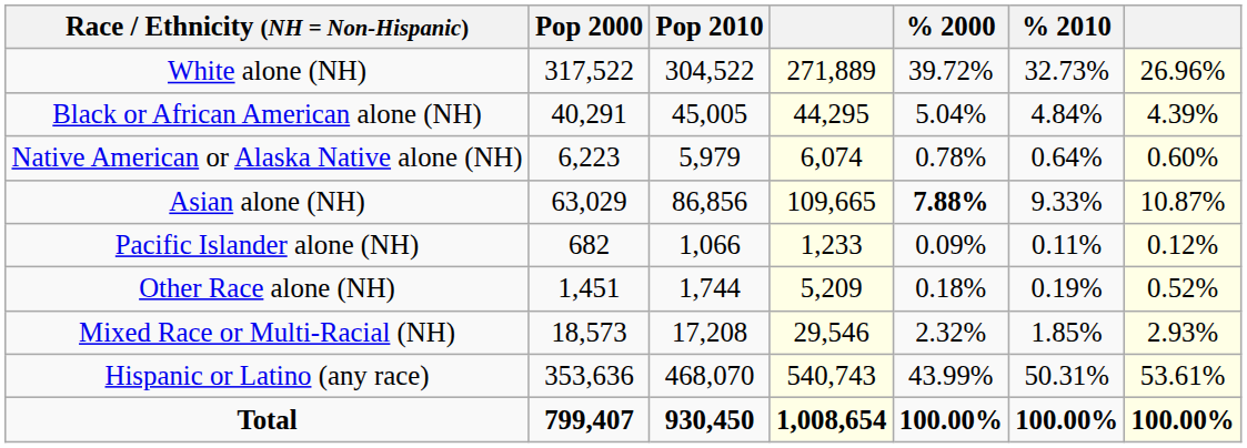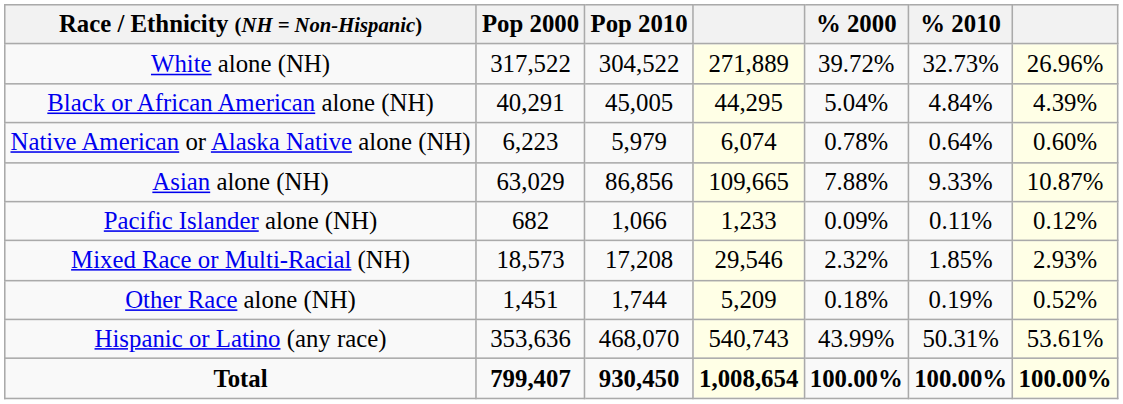 <table class="wikitable" style="text-align:center;">
 <tr>
 <th>Race / Ethnicity <small>(<em>NH = Non-Hispanic</em>)</small></th>
 <th>Pop 2000</th>
 <th>Pop 2010</th>
 <th></th>
 <th>% 2000</th>
 <th>% 2010</th>
 <th></th>
 </tr>
 <tr>
 <td><a href='#'>White</a> alone (NH)</td>
 <td>317,522</td>
 <td>304,522</td>
 <td style='background: #ffffe6;'>271,889</td>
 <td>39.72%</td>
 <td>32.73%</td>
 <td style='background: #ffffe6;'>26.96%</td>
 </tr>
 <tr>
 <td><a href='#'>Black or African American</a> alone (NH)</td>
 <td>40,291</td>
 <td>45,005</td>
 <td style='background: #ffffe6;'>44,295</td>
 <td>5.04%</td>
 <td>4.84%</td>
 <td style='background: #ffffe6;'>4.39%</td>
 </tr>
 <tr>
 <td><a href='#'>Native American</a> or <a href='#'>Alaska Native</a> alone (NH)</td>
 <td>6,223</td>
 <td>5,979</td>
 <td style='background: #ffffe6;'>6,074</td>
 <td>0.78%</td>
 <td>0.64%</td>
 <td style='background: #ffffe6;'>0.60%</td>
 </tr>
 <tr>
 <td><a href='#'>Asian</a> alone (NH)</td>
 <td>63,029</td>
 <td>86,856</td>
 <td style='background: #ffffe6;'>109,665</td>
-<td><strong>7.88%</strong></td>
+<td>7.88%</td>
 <td>9.33%</td>
 <td style='background: #ffffe6;'>10.87%</td>
 </tr>
 <tr>
 <td><a href='#'>Pacific Islander</a> alone (NH)</td>
 <td>682</td>
 <td>1,066</td>
 <td style='background: #ffffe6;'>1,233</td>
 <td>0.09%</td>
 <td>0.11%</td>
 <td style='background: #ffffe6;'>0.12%</td>
 </tr>
 <tr>
+<td><a href='#'>Mixed Race or Multi-Racial</a> (NH)</td>
+<td>18,573</td>
+<td>17,208</td>
+<td style='background: #ffffe6;'>29,546</td>
+<td>2.32%</td>
+<td>1.85%</td>
+<td style='background: #ffffe6;'>2.93%</td>
+</tr>
+<tr>
 <td><a href='#'>Other Race</a> alone (NH)</td>
 <td>1,451</td>
 <td>1,744</td>
 <td style='background: #ffffe6;'>5,209</td>
 <td>0.18%</td>
 <td>0.19%</td>
 <td style='background: #ffffe6;'>0.52%</td>
-</tr>
-<tr>
-<td><a href='#'>Mixed Race or Multi-Racial</a> (NH)</td>
-<td>18,573</td>
-<td>17,208</td>
-<td style='background: #ffffe6;'>29,546</td>
-<td>2.32%</td>
-<td>1.85%</td>
-<td style='background: #ffffe6;'>2.93%</td>
 </tr>
 <tr>
 <td><a href='#'>Hispanic or Latino</a> (any race)</td>
 <td>353,636</td>
 <td>468,070</td>
 <td style='background: #ffffe6;'>540,743</td>
 <td>43.99%</td>
 <td>50.31%</td>
 <td style='background: #ffffe6;'>53.61%</td>
 </tr>
 <tr>
 <td><strong>Total</strong></td>
 <td><strong>799,407</strong></td>
 <td><strong>930,450</strong></td>
 <td style='background: #ffffe6;'><strong>1,008,654</strong></td>
 <td><strong>100.00%</strong></td>
 <td><strong>100.00%</strong></td>
 <td style='background: #ffffe6;'><strong>100.00%</strong></td>
 </tr>
 </table>
